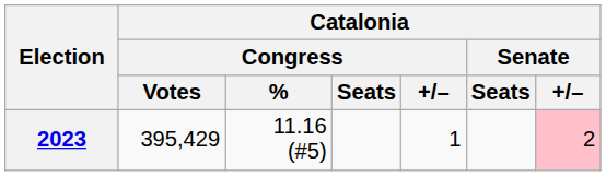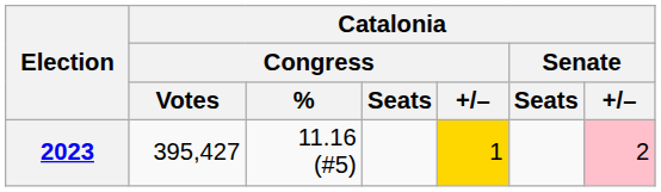 <table class="wikitable" style="text-align:right;">
 <tr>
 <th rowspan="3" width="75">Election</th>
 <th colspan="6">Catalonia</th>
 </tr>
 <tr>
 <th colspan="4">Congress</th>
 <th colspan="2">Senate</th>
 </tr>
 <tr>
 <th width="70">Votes</th>
 <th width="70">%</th>
 <th>Seats</th>
 <th width="40">+/–</th>
 <th>Seats</th>
 <th width="40">+/–</th>
 </tr>
 <tr>
 <th><a href='#'>2023</a></th>
-<td>395,429</td>
+<td>395,427</td>
 <td>11.16 (#5)</td>
 <td></td>
-<td>1</td>
+<td style="background: gold;">1</td>
 <td></td>
 <td style="background: pink;">2</td>
 </tr>
 </table>
